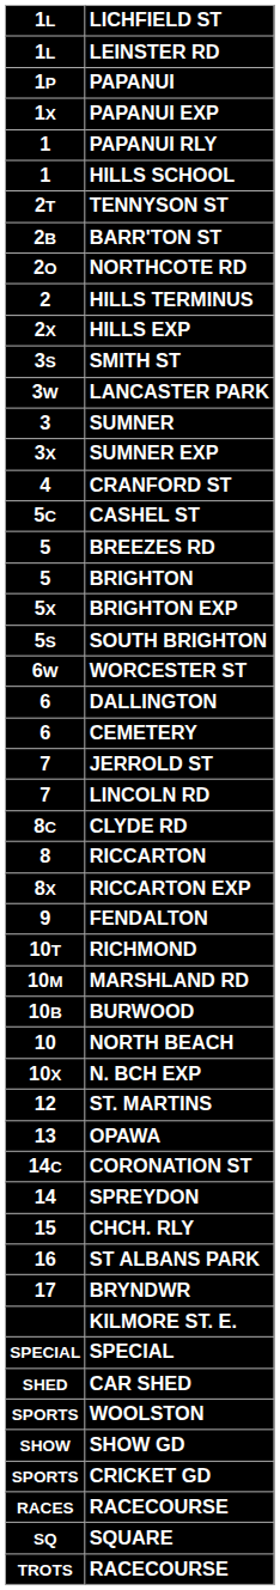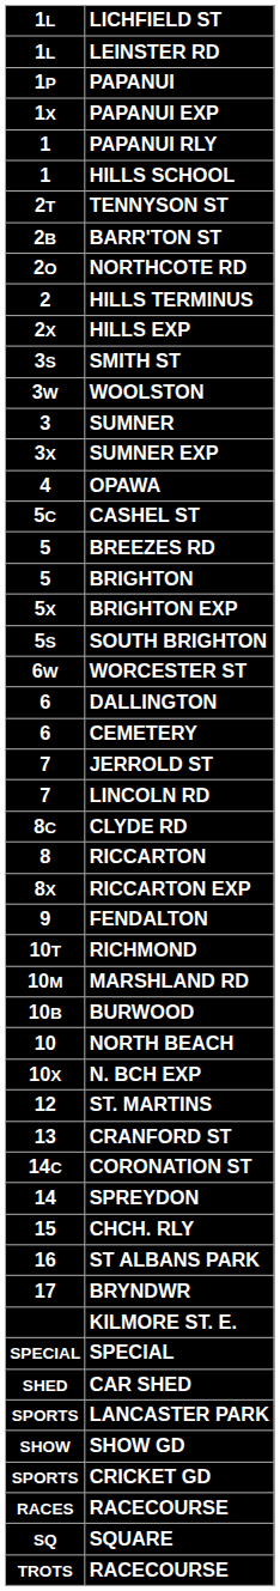 <table class="wikitable" style="color: White; background-color: Black; font-weight: bold; ">
 <tr>
 <td align="center">1<small>L</small></td>
 <td>LICHFIELD ST</td>
 </tr>
 <tr>
 <td align="center">1<small>L</small></td>
 <td>LEINSTER RD</td>
 </tr>
 <tr>
 <td align="center">1<small>P</small></td>
 <td>PAPANUI</td>
 </tr>
 <tr>
 <td align="center">1<small>X</small></td>
 <td>PAPANUI EXP</td>
 </tr>
 <tr>
 <td align="center">1</td>
 <td>PAPANUI RLY</td>
 </tr>
 <tr>
 <td align="center">1</td>
 <td>HILLS SCHOOL</td>
 </tr>
 <tr>
 <td align="center">2<small>T</small></td>
 <td>TENNYSON ST</td>
 </tr>
 <tr>
 <td align="center">2<small>B</small></td>
 <td>BARR'TON ST</td>
 </tr>
 <tr>
 <td align="center">2<small>O</small></td>
 <td>NORTHCOTE RD</td>
 </tr>
 <tr>
 <td align="center">2</td>
 <td>HILLS TERMINUS</td>
 </tr>
 <tr>
 <td align="center">2<small>X</small></td>
 <td>HILLS EXP</td>
 </tr>
 <tr>
 <td align="center">3<small>S</small></td>
 <td>SMITH ST</td>
 </tr>
 <tr>
 <td align="center">3<small>W</small></td>
-<td>LANCASTER PARK</td>
+<td>WOOLSTON</td>
 </tr>
 <tr>
 <td align="center">3</td>
 <td>SUMNER</td>
 </tr>
 <tr>
 <td align="center">3<small>X</small></td>
 <td>SUMNER EXP</td>
 </tr>
 <tr>
 <td align="center">4</td>
-<td>CRANFORD ST</td>
+<td>OPAWA</td>
 </tr>
 <tr>
 <td align="center">5<small>C</small></td>
 <td>CASHEL ST</td>
 </tr>
 <tr>
 <td align="center">5</td>
 <td>BREEZES RD</td>
 </tr>
 <tr>
 <td align="center">5</td>
 <td>BRIGHTON</td>
 </tr>
 <tr>
 <td align="center">5<small>X</small></td>
 <td>BRIGHTON EXP</td>
 </tr>
 <tr>
 <td align="center">5<small>S</small></td>
 <td>SOUTH BRIGHTON</td>
 </tr>
 <tr>
 <td align="center">6<small>W</small></td>
 <td>WORCESTER ST</td>
 </tr>
 <tr>
 <td align="center">6</td>
 <td>DALLINGTON</td>
 </tr>
 <tr>
 <td align="center">6</td>
 <td>CEMETERY</td>
 </tr>
 <tr>
 <td align="center">7</td>
 <td>JERROLD ST</td>
 </tr>
 <tr>
 <td align="center">7</td>
 <td>LINCOLN RD</td>
 </tr>
 <tr>
 <td align="center">8<small>C</small></td>
 <td>CLYDE RD</td>
 </tr>
 <tr>
 <td align="center">8</td>
 <td>RICCARTON</td>
 </tr>
 <tr>
 <td align="center">8<small>X</small></td>
 <td>RICCARTON EXP</td>
 </tr>
 <tr>
 <td align="center">9</td>
 <td>FENDALTON</td>
 </tr>
 <tr>
 <td align="center">10<small>T</small></td>
 <td>RICHMOND</td>
 </tr>
 <tr>
 <td align="center">10<small>M</small></td>
 <td>MARSHLAND RD</td>
 </tr>
 <tr>
 <td align="center">10<small>B</small></td>
 <td>BURWOOD</td>
 </tr>
 <tr>
 <td align="center">10</td>
 <td>NORTH BEACH</td>
 </tr>
 <tr>
 <td align="center">10<small>X</small></td>
 <td>N. BCH EXP</td>
 </tr>
 <tr>
 <td align="center">12</td>
 <td>ST. MARTINS</td>
 </tr>
 <tr>
 <td align="center">13</td>
-<td>OPAWA</td>
+<td>CRANFORD ST</td>
 </tr>
 <tr>
 <td align="center">14<small>C</small></td>
 <td>CORONATION ST</td>
 </tr>
 <tr>
 <td align="center">14</td>
 <td>SPREYDON</td>
 </tr>
 <tr>
 <td align="center">15</td>
 <td>CHCH. RLY</td>
 </tr>
 <tr>
 <td align="center">16</td>
 <td>ST ALBANS PARK</td>
 </tr>
 <tr>
 <td align="center">17</td>
 <td>BRYNDWR</td>
 </tr>
 <tr>
 <td></td>
 <td>KILMORE ST. E.</td>
 </tr>
 <tr>
 <td align="center"><small>SPECIAL</small></td>
 <td>SPECIAL</td>
 </tr>
 <tr>
 <td align="center"><small>SHED</small></td>
 <td>CAR SHED</td>
 </tr>
 <tr>
 <td align="center"><small>SPORTS</small></td>
-<td>WOOLSTON</td>
+<td>LANCASTER PARK</td>
 </tr>
 <tr>
 <td align="center"><small>SHOW</small></td>
 <td>SHOW GD</td>
 </tr>
 <tr>
 <td align="center"><small>SPORTS</small></td>
 <td>CRICKET GD</td>
 </tr>
 <tr>
 <td align="center"><small>RACES</small></td>
 <td>RACECOURSE</td>
 </tr>
 <tr>
 <td align="center"><small>SQ</small></td>
 <td>SQUARE</td>
 </tr>
 <tr>
 <td align="center"><small>TROTS</small></td>
 <td>RACECOURSE</td>
 </tr>
 </table>
